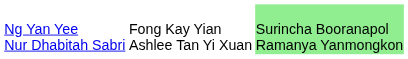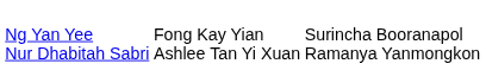 <table>
 <tr>
 <td><br></td>
 <td></td>
 <td></td>
 <td></td>
 </tr>
 <tr>
 <td><br></td>
 <td><br><a href='#'>Ng Yan Yee</a><br><a href='#'>Nur Dhabitah Sabri</a></td>
 <td><br>Fong Kay Yian<br>Ashlee Tan Yi Xuan</td>
-<td style="background: lightgreen;"><br>Surincha Booranapol<br>Ramanya Yanmongkon</td>
+<td><br>Surincha Booranapol<br>Ramanya Yanmongkon</td>
 </tr>
 </table>
